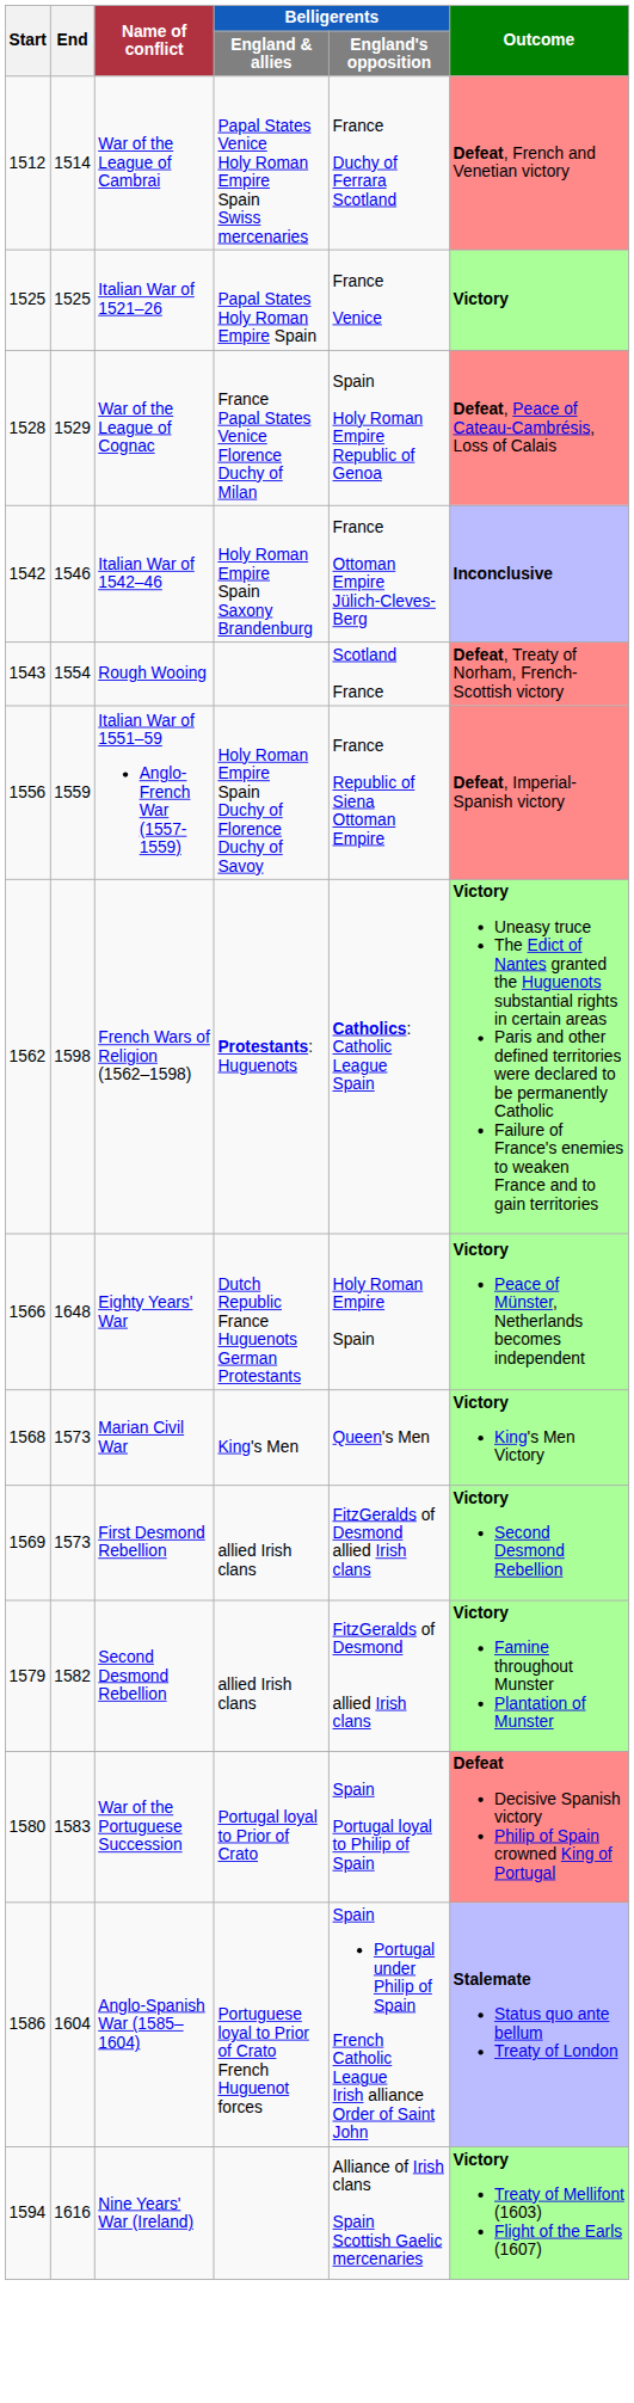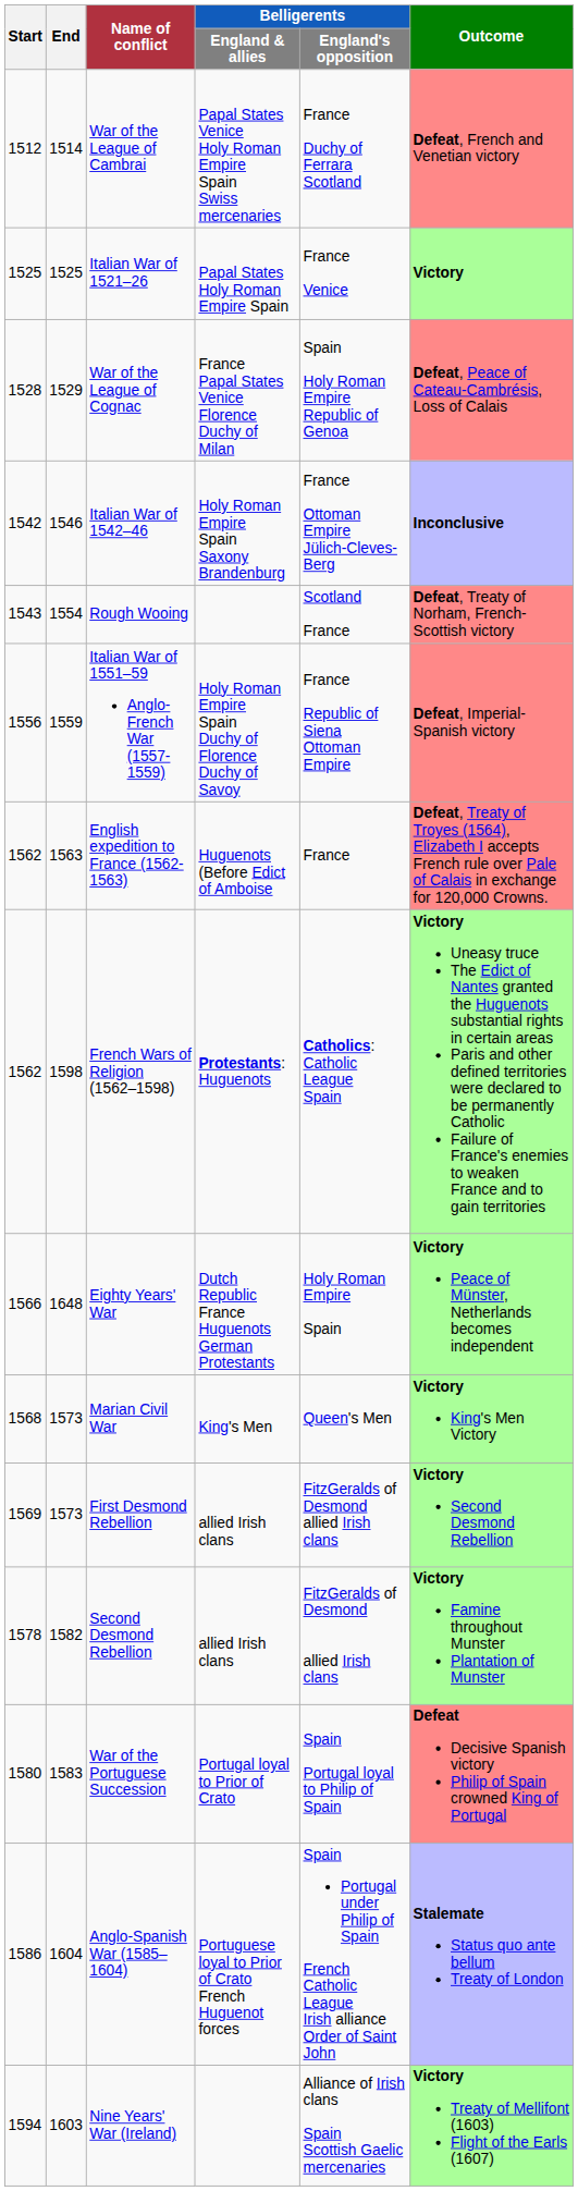 <table class="wikitable sortable">
 <tr>
 <th rowspan="2" width="25">Start</th>
 <th rowspan="2" width="25">End</th>
 <th style="color: white; background:#b0313f;" rowspan="2" width="200" class="unsortable">Name of conflict</th>
 <th style="color: white; background:#115cbc;" colspan="2" class="unsortable">Belligerents</th>
 <th style="color: white; background:green;" rowspan="2" width="350" class="unsortable">Outcome</th>
 </tr>
 <tr>
 <th style="color: white; background:gray;" width="160" class="unsortable">England & allies</th>
 <th style="color: white; background:gray;" width="160" class="unsortable">England's opposition</th>
 </tr>
 <tr>
 <td>1512</td>
 <td>1514</td>
 <td><a href='#'>War of the League of Cambrai</a></td>
 <td><br><br> <a href='#'>Papal States</a><br>  <a href='#'>Venice</a><br>  <a href='#'>Holy Roman Empire</a><br>  Spain<br>  <a href='#'>Swiss mercenaries</a></td>
 <td> France<br><br> <a href='#'>Duchy of Ferrara</a><br>  <a href='#'>Scotland</a></td>
 <td style="Background:#F88"><strong>Defeat</strong>, French and Venetian victory</td>
 </tr>
 <tr>
 <td>1525</td>
 <td>1525</td>
 <td><a href='#'>Italian War of 1521–26</a></td>
 <td><br><br> <a href='#'>Papal States</a><br>  <a href='#'>Holy Roman Empire</a>  Spain</td>
 <td> France<br><br> <a href='#'>Venice</a></td>
 <td style="Background:#AF9"><strong>Victory</strong></td>
 </tr>
 <tr>
 <td>1528</td>
 <td>1529</td>
 <td><a href='#'>War of the League of Cognac</a></td>
 <td><br><br> France<br>  <a href='#'>Papal States</a><br>  <a href='#'>Venice</a><br>  <a href='#'>Florence</a><br>  <a href='#'>Duchy of Milan</a></td>
 <td> Spain<br><br> <a href='#'>Holy Roman Empire</a><br>  <a href='#'>Republic of Genoa</a></td>
 <td style="Background:#F88"><strong>Defeat</strong>, <a href='#'>Peace of Cateau-Cambrésis</a>, Loss of Calais</td>
 </tr>
 <tr>
 <td>1542</td>
 <td>1546</td>
 <td><a href='#'>Italian War of 1542–46</a></td>
 <td><br><br> <a href='#'>Holy Roman Empire</a><br>  Spain<br>  <a href='#'>Saxony</a><br>  <a href='#'>Brandenburg</a></td>
 <td> France<br><br> <a href='#'>Ottoman Empire</a><br>  <a href='#'>Jülich-Cleves-Berg</a></td>
 <td style="Background:#BBF"><strong>Inconclusive</strong></td>
 </tr>
 <tr>
 <td>1543</td>
 <td>1554</td>
 <td><a href='#'>Rough Wooing</a></td>
 <td></td>
 <td> <a href='#'>Scotland</a><br><br> France</td>
 <td style="Background:#F88"><strong>Defeat</strong>, Treaty of Norham, French-Scottish victory</td>
 </tr>
 <tr>
 <td>1556</td>
 <td>1559</td>
 <td><a href='#'>Italian War of 1551–59</a><br><ul><li><a href='#'>Anglo-French War (1557-1559)</a></li></ul></td>
 <td><br><br> <a href='#'>Holy Roman Empire</a><br>  Spain<br>  <a href='#'>Duchy of Florence</a><br>  <a href='#'>Duchy of Savoy</a></td>
 <td> France<br><br> <a href='#'>Republic of Siena</a><br>  <a href='#'>Ottoman Empire</a></td>
 <td style="Background:#F88"><strong>Defeat</strong>, Imperial-Spanish victory</td>
 </tr>
 <tr>
 <td>1562</td>
+<td>1563</td>
+<td><a href='#'>English expedition to France (1562-1563)</a></td>
+<td><br><br><a href='#'>Huguenots</a> (Before <a href='#'>Edict of Amboise</a></td>
+<td> France</td>
+<td style="Background:#F88"><strong>Defeat</strong>, <a href='#'>Treaty of Troyes (1564)</a>, <a href='#'>Elizabeth I</a> accepts French rule over <a href='#'>Pale of Calais</a> in exchange for 120,000 Crowns.</td>
+</tr>
+<tr>
+<td>1562</td>
 <td>1598</td>
 <td><a href='#'>French Wars of Religion</a><br>(1562–1598)</td>
 <td><strong><a href='#'>Protestants</a></strong>: <br>  <a href='#'>Huguenots</a> <br> </td>
 <td><strong><a href='#'>Catholics</a></strong>: <br>  <a href='#'>Catholic League</a> <br>  <a href='#'>Spain</a> <br> </td>
 <td style="Background:#AF9"><strong>Victory</strong><br><ul><li>Uneasy truce</li><li>The <a href='#'>Edict of Nantes</a> granted the <a href='#'>Huguenots</a> substantial rights in certain areas</li><li>Paris and other defined territories were declared to be permanently Catholic</li><li>Failure of France's enemies to weaken France and to gain territories</li></ul></td>
 </tr>
 <tr>
 <td>1566</td>
 <td>1648</td>
 <td><a href='#'>Eighty Years' War</a></td>
 <td><br><br> <a href='#'>Dutch Republic</a><br>  France<br> <a href='#'>Huguenots</a><br> <a href='#'>German Protestants</a></td>
 <td> <a href='#'>Holy Roman Empire</a><br><br> Spain</td>
 <td style="Background:#AF9"><strong>Victory</strong><br><ul><li><a href='#'>Peace of Münster</a>, Netherlands becomes independent</li></ul></td>
 </tr>
 <tr>
 <td>1568</td>
 <td>1573</td>
 <td><a href='#'>Marian Civil War</a></td>
 <td><br> <a href='#'>King</a>'s Men</td>
 <td>  <a href='#'>Queen</a>'s Men</td>
 <td style="Background:#AF9"><strong>Victory</strong><br><ul><li><a href='#'>King</a>'s Men Victory</li></ul></td>
 </tr>
 <tr>
 <td>1569</td>
 <td>1573</td>
 <td><a href='#'>First Desmond Rebellion</a></td>
 <td><br><br>allied Irish clans</td>
 <td> <a href='#'>FitzGeralds</a> of <a href='#'>Desmond</a><br>allied <a href='#'>Irish clans</a></td>
 <td style="Background:#AF9"><strong>Victory</strong><br><ul><li><a href='#'>Second Desmond Rebellion</a></li></ul></td>
 </tr>
 <tr>
-<td>1579</td>
+<td>1578</td>
 <td>1582</td>
 <td><a href='#'>Second Desmond Rebellion</a></td>
 <td><br><br>allied Irish clans</td>
 <td> <a href='#'>FitzGeralds</a> of <a href='#'>Desmond</a><br><br><br>allied <a href='#'>Irish clans</a></td>
 <td style="Background:#AF9"><strong>Victory</strong><br><ul><li><a href='#'>Famine</a> throughout Munster</li><li><a href='#'>Plantation of Munster</a></li></ul></td>
 </tr>
 <tr>
 <td>1580</td>
 <td>1583</td>
 <td><a href='#'>War of the Portuguese Succession</a></td>
 <td><br><br> <a href='#'>Portugal loyal to Prior of Crato</a><br> <br> </td>
 <td> <a href='#'>Spain</a><br><br> <a href='#'>Portugal loyal to Philip of Spain</a></td>
 <td style="Background:#F88"><strong>Defeat</strong><br><ul><li>Decisive Spanish victory</li><li><a href='#'>Philip of Spain</a> crowned <a href='#'>King of Portugal</a></li></ul></td>
 </tr>
 <tr>
 <td>1586</td>
 <td>1604</td>
 <td><a href='#'>Anglo-Spanish War (1585–1604)</a></td>
 <td><br><br><br> <br>  <a href='#'>Portuguese loyal to Prior of Crato</a><br>  French <a href='#'>Huguenot</a> forces</td>
 <td> <a href='#'>Spain</a><br><ul><li> <a href='#'>Portugal under Philip of Spain</a></li></ul> <a href='#'>French Catholic League</a><br>  <a href='#'>Irish</a> alliance<br>  <a href='#'>Order of Saint John</a></td>
 <td style="Background:#BBF"><strong>Stalemate</strong><br><ul><li><a href='#'>Status quo ante bellum</a></li><li><a href='#'>Treaty of London</a></li></ul></td>
 </tr>
 <tr>
 <td>1594</td>
-<td>1616</td>
+<td>1603</td>
 <td><a href='#'>Nine Years' War (Ireland)</a></td>
 <td> <br> </td>
 <td> Alliance of <a href='#'>Irish</a> clans<br><br> <a href='#'>Spain</a><br> <a href='#'>Scottish Gaelic mercenaries</a></td>
 <td style="Background:#AF9"><strong>Victory</strong><br><ul><li><a href='#'>Treaty of Mellifont</a> (1603)</li><li><a href='#'>Flight of the Earls</a> (1607)</li></ul></td>
 </tr>
 </table>
